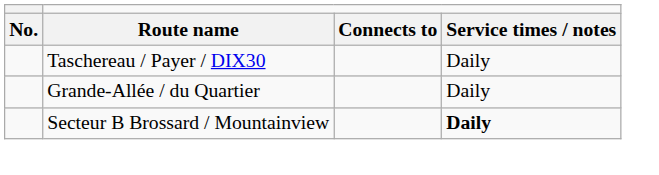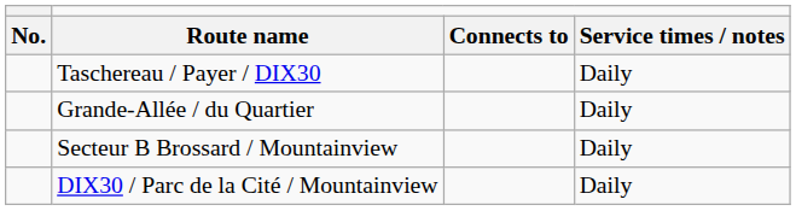 <table class="wikitable">
 <tr>
 <th style="background: #"></th>
 </tr>
 <tr>
 <th>No.</th>
 <th>Route name</th>
 <th>Connects to</th>
 <th>Service times / notes</th>
 </tr>
 <tr>
 <td></td>
 <td>Taschereau / Payer / <a href='#'>DIX30</a></td>
 <td></td>
 <td>Daily</td>
 </tr>
 <tr>
 <td></td>
 <td>Grande-Allée / du Quartier</td>
 <td></td>
 <td>Daily</td>
 </tr>
 <tr>
 <td></td>
 <td>Secteur B Brossard / Mountainview</td>
 <td></td>
-<td><strong>Daily</strong></td>
+<td>Daily</td>
+</tr>
+<tr>
+<td></td>
+<td><a href='#'>DIX30</a> / Parc de la Cité / Mountainview</td>
+<td></td>
+<td>Daily</td>
 </tr>
 </table>
